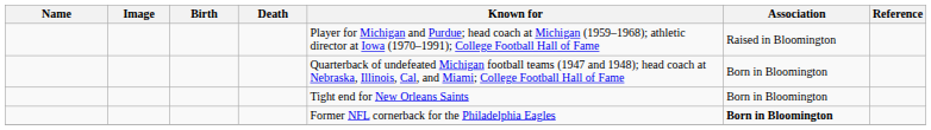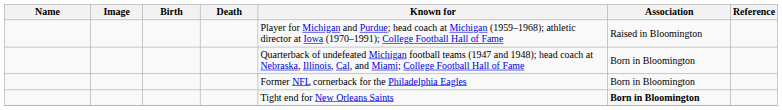 <table class="wikitable sortable">
 <tr>
 <th scope="col" width="140">Name</th>
 <th scope="col" width="80" class="unsortable">Image</th>
 <th scope="col" width="90">Birth</th>
 <th scope="col" width="90">Death</th>
 <th scope="col" width="600" class="unsortable">Known for</th>
 <th scope="col" width="200" class="unsortable">Association</th>
 <th scope="col" width="30" class="unsortable">Reference</th>
 </tr>
 <tr>
 <td></td>
 <td></td>
 <td align=right></td>
 <td align=right></td>
 <td>Player for <a href='#'>Michigan</a> and <a href='#'>Purdue</a>; head coach at <a href='#'>Michigan</a> (1959–1968); athletic director at <a href='#'>Iowa</a> (1970–1991); <a href='#'>College Football Hall of Fame</a></td>
 <td>Raised in Bloomington</td>
 <td align="center"></td>
 </tr>
 <tr>
 <td></td>
 <td></td>
 <td align=right></td>
 <td align=right></td>
 <td>Quarterback of undefeated <a href='#'>Michigan</a> football teams (1947 and 1948); head coach at <a href='#'>Nebraska</a>, <a href='#'>Illinois</a>, <a href='#'>Cal</a>, and <a href='#'>Miami</a>; <a href='#'>College Football Hall of Fame</a></td>
 <td>Born in Bloomington</td>
 <td align="center"></td>
 </tr>
 <tr>
 <td></td>
 <td></td>
 <td align=right></td>
 <td></td>
-<td>Tight end for <a href='#'>New Orleans Saints</a></td>
+<td>Former <a href='#'>NFL</a> cornerback for the <a href='#'>Philadelphia Eagles</a></td>
 <td>Born in Bloomington</td>
 <td align="center"></td>
 </tr>
 <tr>
 <td></td>
 <td></td>
 <td align=right></td>
 <td></td>
-<td>Former <a href='#'>NFL</a> cornerback for the <a href='#'>Philadelphia Eagles</a></td>
+<td>Tight end for <a href='#'>New Orleans Saints</a></td>
 <td><strong>Born in Bloomington</strong></td>
 <td align="center"></td>
 </tr>
 <tr>
 </tr>
 </table>
